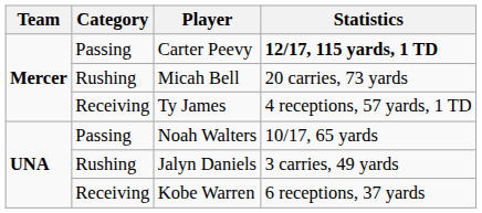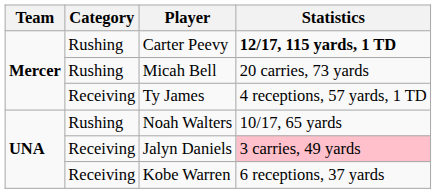 <table class="wikitable" style="float: right;">
 <tr>
 <th>Team</th>
 <th>Category</th>
 <th>Player</th>
 <th>Statistics</th>
 </tr>
 <tr>
 <td rowspan=3><strong>Mercer</strong></td>
-<td>Passing</td>
+<td>Rushing</td>
 <td>Carter Peevy</td>
 <td><strong>12/17, 115 yards, 1 TD</strong></td>
 </tr>
 <tr>
 <td>Rushing</td>
 <td>Micah Bell</td>
 <td>20 carries, 73 yards</td>
 </tr>
 <tr>
 <td>Receiving</td>
 <td>Ty James</td>
 <td>4 receptions, 57 yards, 1 TD</td>
 </tr>
 <tr>
 <td rowspan=3><strong>UNA</strong></td>
-<td>Passing</td>
+<td>Rushing</td>
 <td>Noah Walters</td>
 <td>10/17, 65 yards</td>
 </tr>
 <tr>
-<td>Rushing</td>
+<td>Receiving</td>
 <td>Jalyn Daniels</td>
-<td>3 carries, 49 yards</td>
+<td style="background: pink;">3 carries, 49 yards</td>
 </tr>
 <tr>
 <td>Receiving</td>
 <td>Kobe Warren</td>
 <td>6 receptions, 37 yards</td>
 </tr>
 </table>
